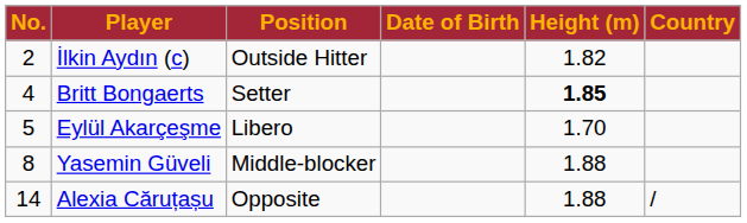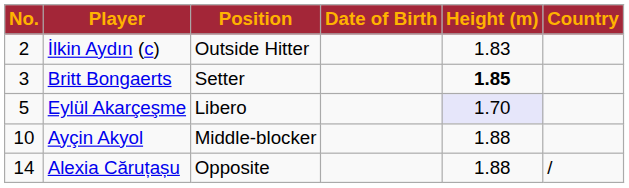 <table class="wikitable plainrowheaders sortable">
 <tr>
 <th style="background:#A32638; color:#FFB300; ">No.</th>
 <th style="background:#A32638; color:#FFB300; ">Player</th>
 <th style="background:#A32638; color:#FFB300; ">Position</th>
 <th style="background:#A32638; color:#FFB300; ">Date of Birth</th>
 <th style="background:#A32638; color:#FFB300; ">Height (m)</th>
 <th style="background:#A32638; color:#FFB300; ">Country</th>
 </tr>
 <tr>
 <td align="center">2</td>
 <td><a href='#'>İlkin Aydın</a> (<a href='#'>c</a>)</td>
 <td>Outside Hitter</td>
 <td></td>
-<td align="center">1.82</td>
+<td align="center">1.83</td>
 <td></td>
 </tr>
 <tr>
-<td align="center">4</td>
+<td align="center">3</td>
 <td><a href='#'>Britt Bongaerts</a></td>
 <td>Setter</td>
 <td></td>
 <td align="center"><strong>1.85</strong></td>
 <td></td>
 </tr>
 <tr>
 <td align="center">5</td>
 <td><a href='#'>Eylül Akarçeşme</a></td>
 <td>Libero</td>
 <td></td>
-<td align="center">1.70</td>
+<td align="center" style="background: lavender;">1.70</td>
 <td></td>
 </tr>
 <tr>
-<td align="center">8</td>
-<td><a href='#'>Yasemin Güveli</a></td>
+<td align="center">10</td>
+<td><a href='#'>Ayçin Akyol</a></td>
 <td>Middle-blocker</td>
 <td></td>
 <td align="center">1.88</td>
 <td></td>
 </tr>
 <tr>
 <td align="center">14</td>
 <td><a href='#'>Alexia Căruțașu</a></td>
 <td>Opposite</td>
 <td></td>
 <td align="center">1.88</td>
 <td> / </td>
 </tr>
 </table>
